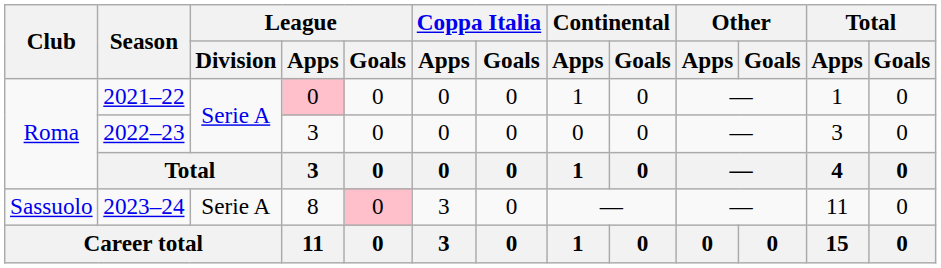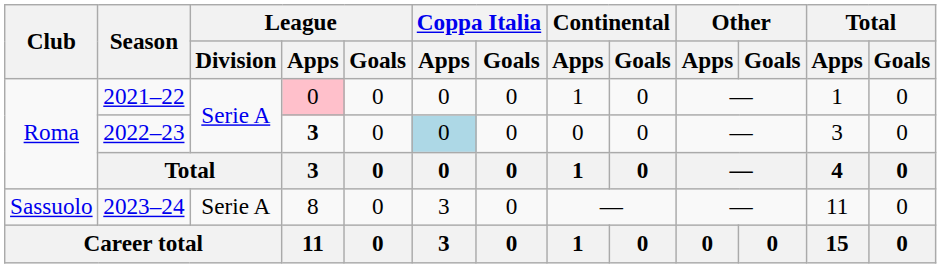 <table class="wikitable" style="text-align: center;">
 <tr>
 <th rowspan="2">Club</th>
 <th rowspan="2">Season</th>
 <th colspan="3">League</th>
 <th colspan="2"><a href='#'>Coppa Italia</a></th>
 <th colspan="2">Continental</th>
 <th colspan="2">Other</th>
 <th colspan="2">Total</th>
 </tr>
 <tr>
 <th>Division</th>
 <th>Apps</th>
 <th>Goals</th>
 <th>Apps</th>
 <th>Goals</th>
 <th>Apps</th>
 <th>Goals</th>
 <th>Apps</th>
 <th>Goals</th>
 <th>Apps</th>
 <th>Goals</th>
 </tr>
 <tr>
 <td rowspan="3"><a href='#'>Roma</a></td>
 <td><a href='#'>2021–22</a></td>
 <td rowspan="2"><a href='#'>Serie A</a></td>
 <td style="background: pink;">0</td>
 <td>0</td>
 <td>0</td>
 <td>0</td>
 <td>1</td>
 <td>0</td>
 <td colspan="2">—</td>
 <td>1</td>
 <td>0</td>
 </tr>
 <tr>
 <td><a href='#'>2022–23</a></td>
-<td>3</td>
+<td><strong>3</strong></td>
 <td>0</td>
-<td>0</td>
+<td style="background: lightblue;">0</td>
 <td>0</td>
 <td>0</td>
 <td>0</td>
 <td colspan="2">—</td>
 <td>3</td>
 <td>0</td>
 </tr>
 <tr>
 <th colspan="2">Total</th>
 <th>3</th>
 <th>0</th>
 <th>0</th>
 <th>0</th>
 <th>1</th>
 <th>0</th>
 <th colspan="2">—</th>
 <th>4</th>
 <th>0</th>
 </tr>
 <tr>
 <td><a href='#'>Sassuolo</a></td>
 <td><a href='#'>2023–24</a></td>
 <td>Serie A</td>
 <td>8</td>
-<td style="background: pink;">0</td>
+<td>0</td>
 <td>3</td>
 <td>0</td>
 <td colspan="2">—</td>
 <td colspan="2">—</td>
 <td>11</td>
 <td>0</td>
 </tr>
 <tr>
 <th colspan="3">Career total</th>
 <th>11</th>
 <th>0</th>
 <th>3</th>
 <th>0</th>
 <th>1</th>
 <th>0</th>
 <th>0</th>
 <th>0</th>
 <th>15</th>
 <th>0</th>
 </tr>
 </table>
